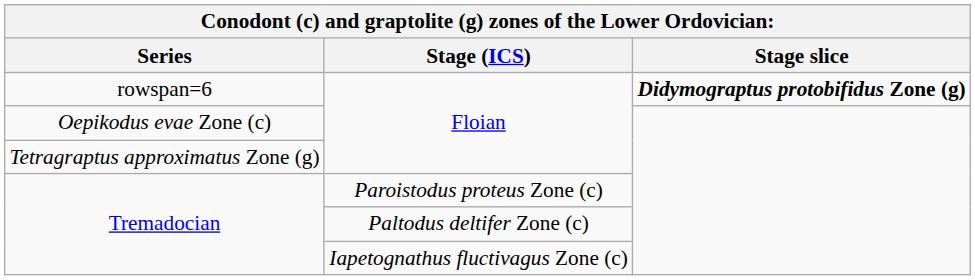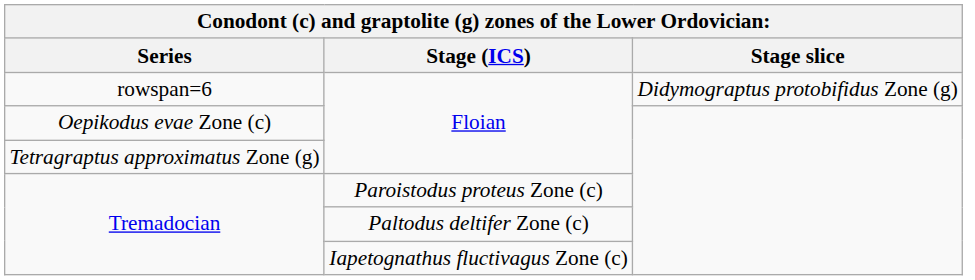 <table class="wikitable" style="text-align:center;">
 <tr>
 <th colspan="3">Conodont (c) and graptolite (g) zones of the Lower Ordovician:</th>
 </tr>
 <tr>
 <th>Series</th>
 <th>Stage (<a href='#'>ICS</a>)</th>
 <th>Stage slice</th>
 </tr>
 <tr>
 <td>rowspan=6 </td>
 <td rowspan=3 style="background-color:"><a href='#'>Floian</a></td>
-<td><strong><em>Didymograptus protobifidus</em> Zone (g)</strong></td>
+<td><em>Didymograptus protobifidus</em> Zone (g)</td>
 </tr>
 <tr>
 <td><em>Oepikodus evae</em> Zone (c)</td>
 </tr>
 <tr>
 <td><em>Tetragraptus approximatus</em> Zone (g)</td>
 </tr>
 <tr>
 <td rowspan=3 style="background-color:"><a href='#'>Tremadocian</a></td>
 <td><em>Paroistodus proteus</em> Zone (c)</td>
 </tr>
 <tr>
 <td><em>Paltodus deltifer</em> Zone (c)</td>
 </tr>
 <tr>
 <td><em>Iapetognathus fluctivagus</em> Zone (c)</td>
 </tr>
 </table>
